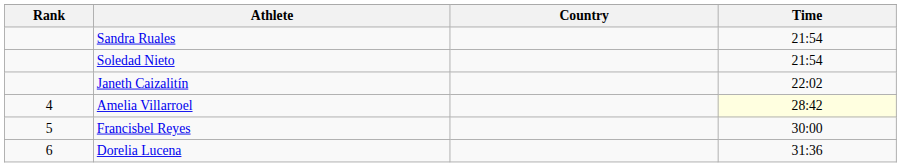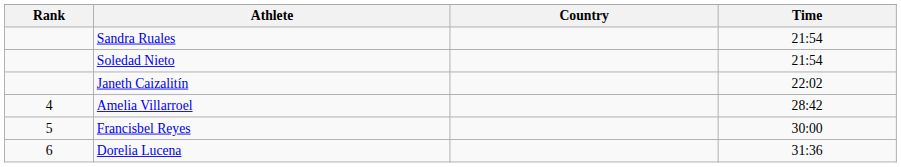 <table class="wikitable sortable" style=" text-align:center; font-size:95%;" width="50%">
 <tr>
 </tr>
 <tr>
 <th width=5%>Rank</th>
 <th width=20%>Athlete</th>
 <th width=15%>Country</th>
 <th width=10%>Time</th>
 </tr>
 <tr>
 <td align=center></td>
 <td align=left><a href='#'>Sandra Ruales</a></td>
 <td align=left></td>
 <td>21:54</td>
 </tr>
 <tr>
 <td align=center></td>
 <td align=left><a href='#'>Soledad Nieto</a></td>
 <td align=left></td>
 <td>21:54</td>
 </tr>
 <tr>
 <td align=center></td>
 <td align=left><a href='#'>Janeth Caizalitín</a></td>
 <td align=left></td>
 <td>22:02</td>
 </tr>
 <tr>
 <td align=center>4</td>
 <td align=left><a href='#'>Amelia Villarroel</a></td>
 <td align=left></td>
-<td style="background: lightyellow;">28:42</td>
+<td>28:42</td>
 </tr>
 <tr>
 <td align=center>5</td>
 <td align=left><a href='#'>Francisbel Reyes</a></td>
 <td align=left></td>
 <td>30:00</td>
 </tr>
 <tr>
 <td align=center>6</td>
 <td align=left><a href='#'>Dorelia Lucena</a></td>
 <td align=left></td>
 <td>31:36</td>
 </tr>
 </table>
